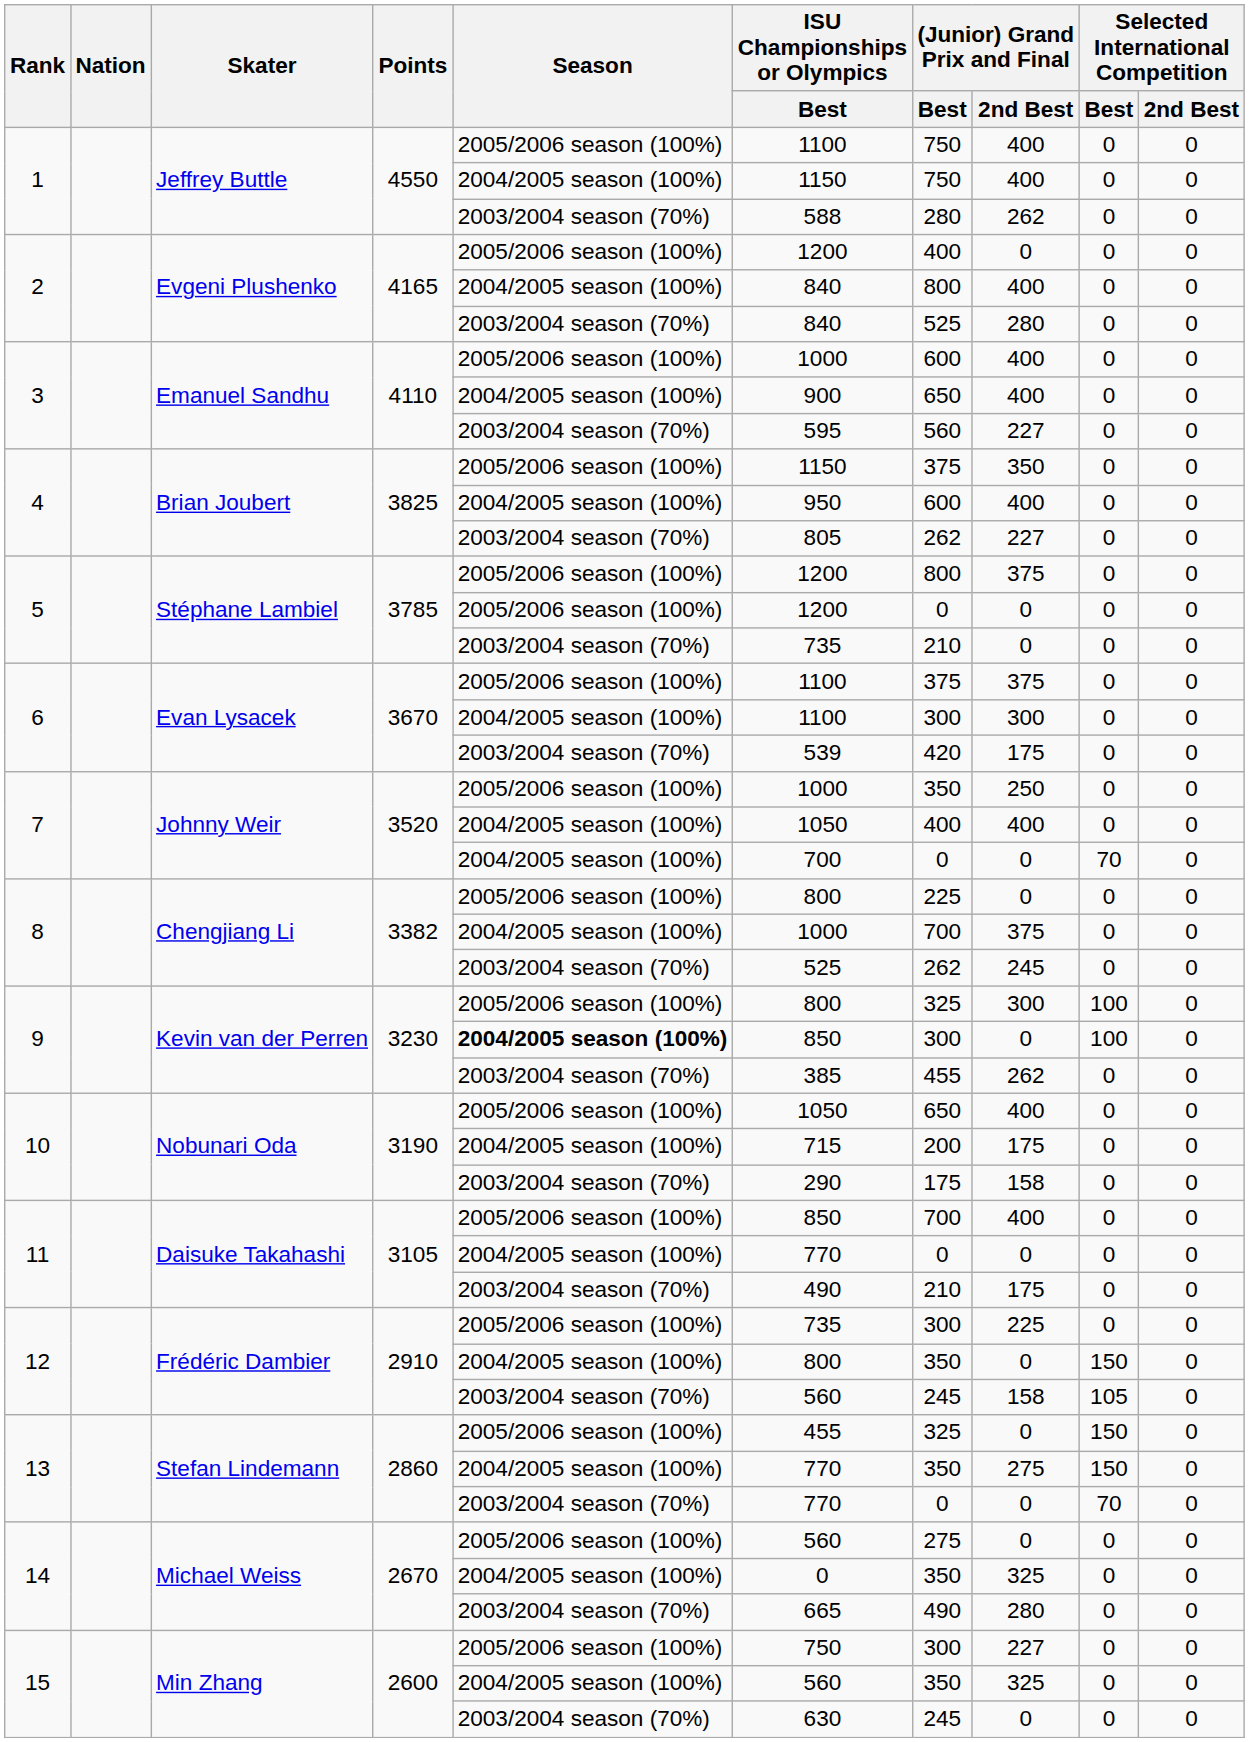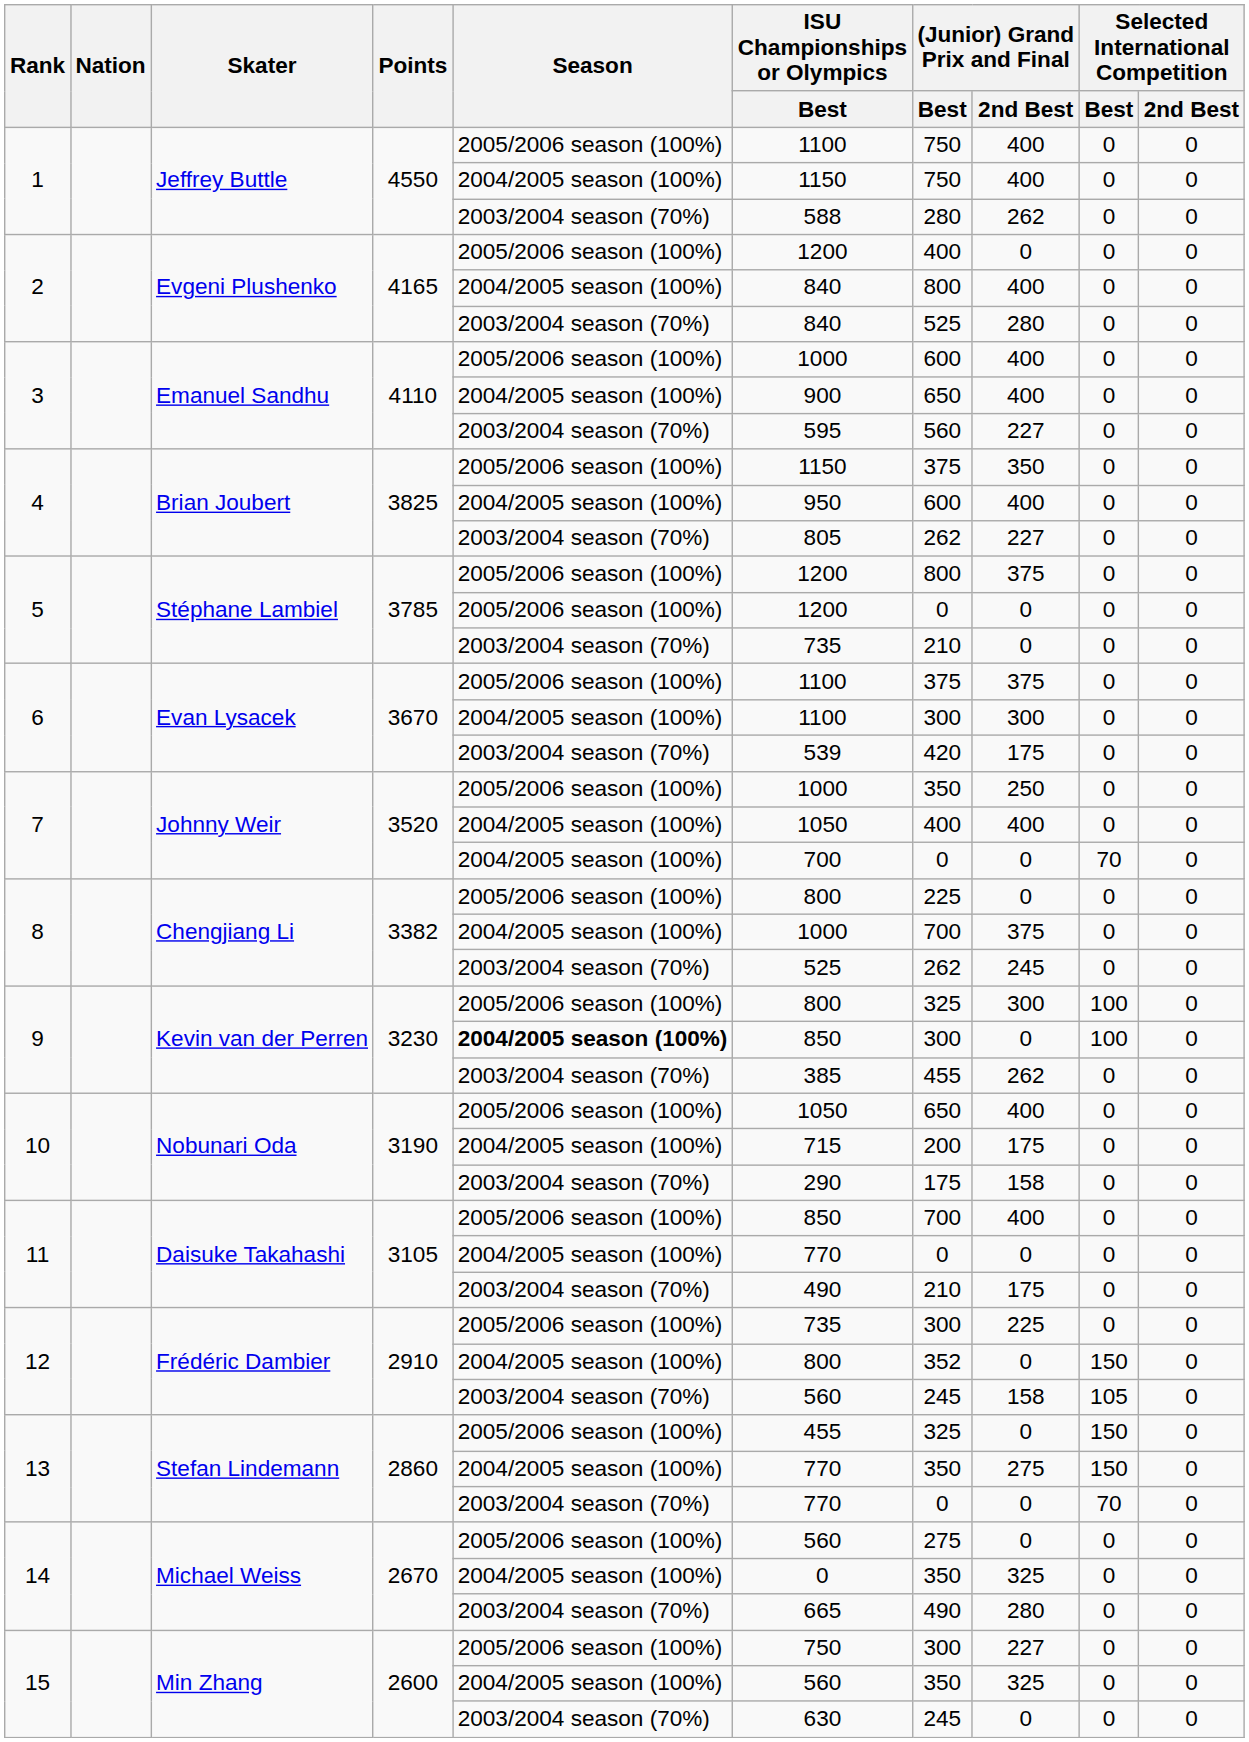 <table class="wikitable sortable" style="text-align: center;">
 <tr>
 <th rowspan="2">Rank</th>
 <th rowspan="2">Nation</th>
 <th rowspan="2">Skater</th>
 <th rowspan="2">Points</th>
 <th rowspan="2">Season</th>
 <th>ISU <br> Championships <br> or Olympics</th>
 <th colspan="2">(Junior) Grand <br> Prix and Final</th>
 <th colspan="2">Selected <br> International <br> Competition</th>
 </tr>
 <tr>
 <th>Best</th>
 <th>Best</th>
 <th>2nd Best</th>
 <th>Best</th>
 <th>2nd Best</th>
 </tr>
 <tr>
 <td rowspan="3">1</td>
 <td rowspan="3" style="text-align: left;"></td>
 <td rowspan="3" style="text-align: left;"><a href='#'>Jeffrey Buttle</a></td>
 <td rowspan="3">4550</td>
 <td style="text-align: left;">2005/2006 season (100%)</td>
 <td>1100</td>
 <td>750</td>
 <td>400</td>
 <td>0</td>
 <td>0</td>
 </tr>
 <tr>
 <td style="text-align: left;">2004/2005 season (100%)</td>
 <td>1150</td>
 <td>750</td>
 <td>400</td>
 <td>0</td>
 <td>0</td>
 </tr>
 <tr>
 <td style="text-align: left;">2003/2004 season (70%)</td>
 <td>588</td>
 <td>280</td>
 <td>262</td>
 <td>0</td>
 <td>0</td>
 </tr>
 <tr>
 <td rowspan="3">2</td>
 <td rowspan="3" style="text-align: left;"></td>
 <td rowspan="3" style="text-align: left;"><a href='#'>Evgeni Plushenko</a></td>
 <td rowspan="3">4165</td>
 <td style="text-align: left;">2005/2006 season (100%)</td>
 <td>1200</td>
 <td>400</td>
 <td>0</td>
 <td>0</td>
 <td>0</td>
 </tr>
 <tr>
 <td style="text-align: left;">2004/2005 season (100%)</td>
 <td>840</td>
 <td>800</td>
 <td>400</td>
 <td>0</td>
 <td>0</td>
 </tr>
 <tr>
 <td style="text-align: left;">2003/2004 season (70%)</td>
 <td>840</td>
 <td>525</td>
 <td>280</td>
 <td>0</td>
 <td>0</td>
 </tr>
 <tr>
 <td rowspan="3">3</td>
 <td rowspan="3" style="text-align: left;"></td>
 <td rowspan="3" style="text-align: left;"><a href='#'>Emanuel Sandhu</a></td>
 <td rowspan="3">4110</td>
 <td style="text-align: left;">2005/2006 season (100%)</td>
 <td>1000</td>
 <td>600</td>
 <td>400</td>
 <td>0</td>
 <td>0</td>
 </tr>
 <tr>
 <td style="text-align: left;">2004/2005 season (100%)</td>
 <td>900</td>
 <td>650</td>
 <td>400</td>
 <td>0</td>
 <td>0</td>
 </tr>
 <tr>
 <td style="text-align: left;">2003/2004 season (70%)</td>
 <td>595</td>
 <td>560</td>
 <td>227</td>
 <td>0</td>
 <td>0</td>
 </tr>
 <tr>
 <td rowspan="3">4</td>
 <td rowspan="3" style="text-align: left;"></td>
 <td rowspan="3" style="text-align: left;"><a href='#'>Brian Joubert</a></td>
 <td rowspan="3">3825</td>
 <td style="text-align: left;">2005/2006 season (100%)</td>
 <td>1150</td>
 <td>375</td>
 <td>350</td>
 <td>0</td>
 <td>0</td>
 </tr>
 <tr>
 <td style="text-align: left;">2004/2005 season (100%)</td>
 <td>950</td>
 <td>600</td>
 <td>400</td>
 <td>0</td>
 <td>0</td>
 </tr>
 <tr>
 <td style="text-align: left;">2003/2004 season (70%)</td>
 <td>805</td>
 <td>262</td>
 <td>227</td>
 <td>0</td>
 <td>0</td>
 </tr>
 <tr>
 <td rowspan="3">5</td>
 <td rowspan="3" style="text-align: left;"></td>
 <td rowspan="3" style="text-align: left;"><a href='#'>Stéphane Lambiel</a></td>
 <td rowspan="3">3785</td>
 <td style="text-align: left;">2005/2006 season (100%)</td>
 <td>1200</td>
 <td>800</td>
 <td>375</td>
 <td>0</td>
 <td>0</td>
 </tr>
 <tr>
 <td style="text-align: left;">2005/2006 season (100%)</td>
 <td>1200</td>
 <td>0</td>
 <td>0</td>
 <td>0</td>
 <td>0</td>
 </tr>
 <tr>
 <td style="text-align: left;">2003/2004 season (70%)</td>
 <td>735</td>
 <td>210</td>
 <td>0</td>
 <td>0</td>
 <td>0</td>
 </tr>
 <tr>
 <td rowspan="3">6</td>
 <td rowspan="3" style="text-align: left;"></td>
 <td rowspan="3" style="text-align: left;"><a href='#'>Evan Lysacek</a></td>
 <td rowspan="3">3670</td>
 <td style="text-align: left;">2005/2006 season (100%)</td>
 <td>1100</td>
 <td>375</td>
 <td>375</td>
 <td>0</td>
 <td>0</td>
 </tr>
 <tr>
 <td style="text-align: left;">2004/2005 season (100%)</td>
 <td>1100</td>
 <td>300</td>
 <td>300</td>
 <td>0</td>
 <td>0</td>
 </tr>
 <tr>
 <td style="text-align: left;">2003/2004 season (70%)</td>
 <td>539</td>
 <td>420</td>
 <td>175</td>
 <td>0</td>
 <td>0</td>
 </tr>
 <tr>
 <td rowspan="3">7</td>
 <td rowspan="3" style="text-align: left;"></td>
 <td rowspan="3" style="text-align: left;"><a href='#'>Johnny Weir</a></td>
 <td rowspan="3">3520</td>
 <td style="text-align: left;">2005/2006 season (100%)</td>
 <td>1000</td>
 <td>350</td>
 <td>250</td>
 <td>0</td>
 <td>0</td>
 </tr>
 <tr>
 <td style="text-align: left;">2004/2005 season (100%)</td>
 <td>1050</td>
 <td>400</td>
 <td>400</td>
 <td>0</td>
 <td>0</td>
 </tr>
 <tr>
 <td style="text-align: left;">2004/2005 season (100%)</td>
 <td>700</td>
 <td>0</td>
 <td>0</td>
 <td>70</td>
 <td>0</td>
 </tr>
 <tr>
 <td rowspan="3">8</td>
 <td rowspan="3" style="text-align: left;"></td>
 <td rowspan="3" style="text-align: left;"><a href='#'>Chengjiang Li</a></td>
 <td rowspan="3">3382</td>
 <td style="text-align: left;">2005/2006 season (100%)</td>
 <td>800</td>
 <td>225</td>
 <td>0</td>
 <td>0</td>
 <td>0</td>
 </tr>
 <tr>
 <td style="text-align: left;">2004/2005 season (100%)</td>
 <td>1000</td>
 <td>700</td>
 <td>375</td>
 <td>0</td>
 <td>0</td>
 </tr>
 <tr>
 <td style="text-align: left;">2003/2004 season (70%)</td>
 <td>525</td>
 <td>262</td>
 <td>245</td>
 <td>0</td>
 <td>0</td>
 </tr>
 <tr>
 <td rowspan="3">9</td>
 <td rowspan="3" style="text-align: left;"></td>
 <td rowspan="3" style="text-align: left;"><a href='#'>Kevin van der Perren</a></td>
 <td rowspan="3">3230</td>
 <td style="text-align: left;">2005/2006 season (100%)</td>
 <td>800</td>
 <td>325</td>
 <td>300</td>
 <td>100</td>
 <td>0</td>
 </tr>
 <tr>
 <td style="text-align: left;"><strong>2004/2005 season (100%)</strong></td>
 <td>850</td>
 <td>300</td>
 <td>0</td>
 <td>100</td>
 <td>0</td>
 </tr>
 <tr>
 <td style="text-align: left;">2003/2004 season (70%)</td>
 <td>385</td>
 <td>455</td>
 <td>262</td>
 <td>0</td>
 <td>0</td>
 </tr>
 <tr>
 <td rowspan="3">10</td>
 <td rowspan="3" style="text-align: left;"></td>
 <td rowspan="3" style="text-align: left;"><a href='#'>Nobunari Oda</a></td>
 <td rowspan="3">3190</td>
 <td style="text-align: left;">2005/2006 season (100%)</td>
 <td>1050</td>
 <td>650</td>
 <td>400</td>
 <td>0</td>
 <td>0</td>
 </tr>
 <tr>
 <td style="text-align: left;">2004/2005 season (100%)</td>
 <td>715</td>
 <td>200</td>
 <td>175</td>
 <td>0</td>
 <td>0</td>
 </tr>
 <tr>
 <td style="text-align: left;">2003/2004 season (70%)</td>
 <td>290</td>
 <td>175</td>
 <td>158</td>
 <td>0</td>
 <td>0</td>
 </tr>
 <tr>
 <td rowspan="3">11</td>
 <td rowspan="3" style="text-align: left;"></td>
 <td rowspan="3" style="text-align: left;"><a href='#'>Daisuke Takahashi</a></td>
 <td rowspan="3">3105</td>
 <td style="text-align: left;">2005/2006 season (100%)</td>
 <td>850</td>
 <td>700</td>
 <td>400</td>
 <td>0</td>
 <td>0</td>
 </tr>
 <tr>
 <td style="text-align: left;">2004/2005 season (100%)</td>
 <td>770</td>
 <td>0</td>
 <td>0</td>
 <td>0</td>
 <td>0</td>
 </tr>
 <tr>
 <td style="text-align: left;">2003/2004 season (70%)</td>
 <td>490</td>
 <td>210</td>
 <td>175</td>
 <td>0</td>
 <td>0</td>
 </tr>
 <tr>
 <td rowspan="3">12</td>
 <td rowspan="3" style="text-align: left;"></td>
 <td rowspan="3" style="text-align: left;"><a href='#'>Frédéric Dambier</a></td>
 <td rowspan="3">2910</td>
 <td style="text-align: left;">2005/2006 season (100%)</td>
 <td>735</td>
 <td>300</td>
 <td>225</td>
 <td>0</td>
 <td>0</td>
 </tr>
 <tr>
 <td style="text-align: left;">2004/2005 season (100%)</td>
 <td>800</td>
-<td>350</td>
+<td>352</td>
 <td>0</td>
 <td>150</td>
 <td>0</td>
 </tr>
 <tr>
 <td style="text-align: left;">2003/2004 season (70%)</td>
 <td>560</td>
 <td>245</td>
 <td>158</td>
 <td>105</td>
 <td>0</td>
 </tr>
 <tr>
 <td rowspan="3">13</td>
 <td rowspan="3" style="text-align: left;"></td>
 <td rowspan="3" style="text-align: left;"><a href='#'>Stefan Lindemann</a></td>
 <td rowspan="3">2860</td>
 <td style="text-align: left;">2005/2006 season (100%)</td>
 <td>455</td>
 <td>325</td>
 <td>0</td>
 <td>150</td>
 <td>0</td>
 </tr>
 <tr>
 <td style="text-align: left;">2004/2005 season (100%)</td>
 <td>770</td>
 <td>350</td>
 <td>275</td>
 <td>150</td>
 <td>0</td>
 </tr>
 <tr>
 <td style="text-align: left;">2003/2004 season (70%)</td>
 <td>770</td>
 <td>0</td>
 <td>0</td>
 <td>70</td>
 <td>0</td>
 </tr>
 <tr>
 <td rowspan="3">14</td>
 <td rowspan="3" style="text-align: left;"></td>
 <td rowspan="3" style="text-align: left;"><a href='#'>Michael Weiss</a></td>
 <td rowspan="3">2670</td>
 <td style="text-align: left;">2005/2006 season (100%)</td>
 <td>560</td>
 <td>275</td>
 <td>0</td>
 <td>0</td>
 <td>0</td>
 </tr>
 <tr>
 <td style="text-align: left;">2004/2005 season (100%)</td>
 <td>0</td>
 <td>350</td>
 <td>325</td>
 <td>0</td>
 <td>0</td>
 </tr>
 <tr>
 <td style="text-align: left;">2003/2004 season (70%)</td>
 <td>665</td>
 <td>490</td>
 <td>280</td>
 <td>0</td>
 <td>0</td>
 </tr>
 <tr>
 <td rowspan="3">15</td>
 <td rowspan="3" style="text-align: left;"></td>
 <td rowspan="3" style="text-align: left;"><a href='#'>Min Zhang</a></td>
 <td rowspan="3">2600</td>
 <td style="text-align: left;">2005/2006 season (100%)</td>
 <td>750</td>
 <td>300</td>
 <td>227</td>
 <td>0</td>
 <td>0</td>
 </tr>
 <tr>
 <td style="text-align: left;">2004/2005 season (100%)</td>
 <td>560</td>
 <td>350</td>
 <td>325</td>
 <td>0</td>
 <td>0</td>
 </tr>
 <tr>
 <td style="text-align: left;">2003/2004 season (70%)</td>
 <td>630</td>
 <td>245</td>
 <td>0</td>
 <td>0</td>
 <td>0</td>
 </tr>
 </table>
